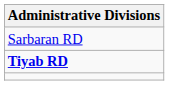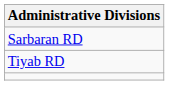 <table class="wikitable">
 <tr>
 <th>Administrative Divisions</th>
 </tr>
 <tr>
 <td><a href='#'>Sarbaran RD</a></td>
 </tr>
 <tr>
-<td><strong><a href='#'>Tiyab RD</a></strong></td>
+<td><a href='#'>Tiyab RD</a></td>
 </tr>
 <tr>
 <td colspan=1></td>
 </tr>
 </table>
